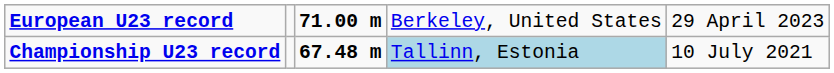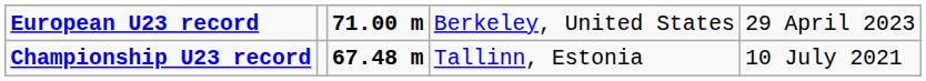 <table class="wikitable">
 <tr>
 <td><strong><a href='#'>European U23 record</a></strong></td>
 <td></td>
 <td><strong>71.00 m</strong></td>
 <td><a href='#'>Berkeley</a>, United States</td>
 <td>29 April 2023</td>
 </tr>
 <tr>
 <td><strong><a href='#'>Championship U23 record</a></strong></td>
 <td></td>
 <td><strong>67.48 m</strong></td>
-<td style="background: lightblue;"><a href='#'>Tallinn</a>, Estonia</td>
+<td><a href='#'>Tallinn</a>, Estonia</td>
 <td>10 July 2021</td>
 </tr>
 </table>
